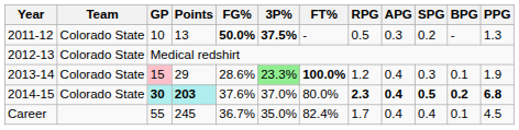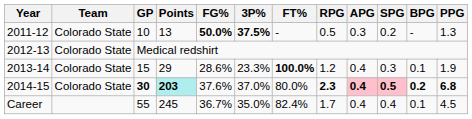 <table class="wikitable">
 <tr>
 <th>Year</th>
 <th>Team</th>
 <th>GP</th>
 <th>Points</th>
 <th>FG%</th>
 <th>3P%</th>
 <th>FT%</th>
 <th>RPG</th>
 <th>APG</th>
 <th>SPG</th>
 <th>BPG</th>
 <th>PPG</th>
 </tr>
 <tr>
 <td>2011-12</td>
 <td>Colorado State</td>
 <td>10</td>
 <td>13</td>
 <td><strong>50.0%</strong></td>
 <td><strong>37.5%</strong></td>
 <td>-</td>
 <td>0.5</td>
 <td>0.3</td>
 <td>0.2</td>
 <td>-</td>
 <td>1.3</td>
 </tr>
 <tr>
 <td>2012-13</td>
 <td>Colorado State</td>
 <td colspan="10">Medical redshirt</td>
 </tr>
 <tr>
 <td>2013-14</td>
 <td>Colorado State</td>
-<td style="background: pink;">15</td>
+<td>15</td>
 <td>29</td>
 <td>28.6%</td>
-<td style="background: lightgreen;">23.3%</td>
+<td>23.3%</td>
 <td><strong>100.0%</strong></td>
 <td>1.2</td>
 <td>0.4</td>
 <td>0.3</td>
 <td>0.1</td>
 <td>1.9</td>
 </tr>
 <tr>
 <td>2014-15</td>
 <td>Colorado State</td>
-<td style="background: paleturquoise;"><strong>30</strong></td>
+<td><strong>30</strong></td>
 <td style="background: paleturquoise;"><strong>203</strong></td>
 <td>37.6%</td>
 <td>37.0%</td>
 <td>80.0%</td>
 <td><strong>2.3</strong></td>
-<td><strong>0.4</strong></td>
-<td><strong>0.5</strong></td>
+<td style="background: pink;"><strong>0.4</strong></td>
+<td style="background: pink;"><strong>0.5</strong></td>
 <td><strong>0.2</strong></td>
 <td><strong>6.8</strong></td>
 </tr>
 <tr>
 <td>Career</td>
 <td></td>
 <td>55</td>
 <td>245</td>
 <td>36.7%</td>
 <td>35.0%</td>
 <td>82.4%</td>
 <td>1.7</td>
 <td>0.4</td>
 <td>0.4</td>
 <td>0.1</td>
 <td>4.5</td>
 </tr>
 </table>
